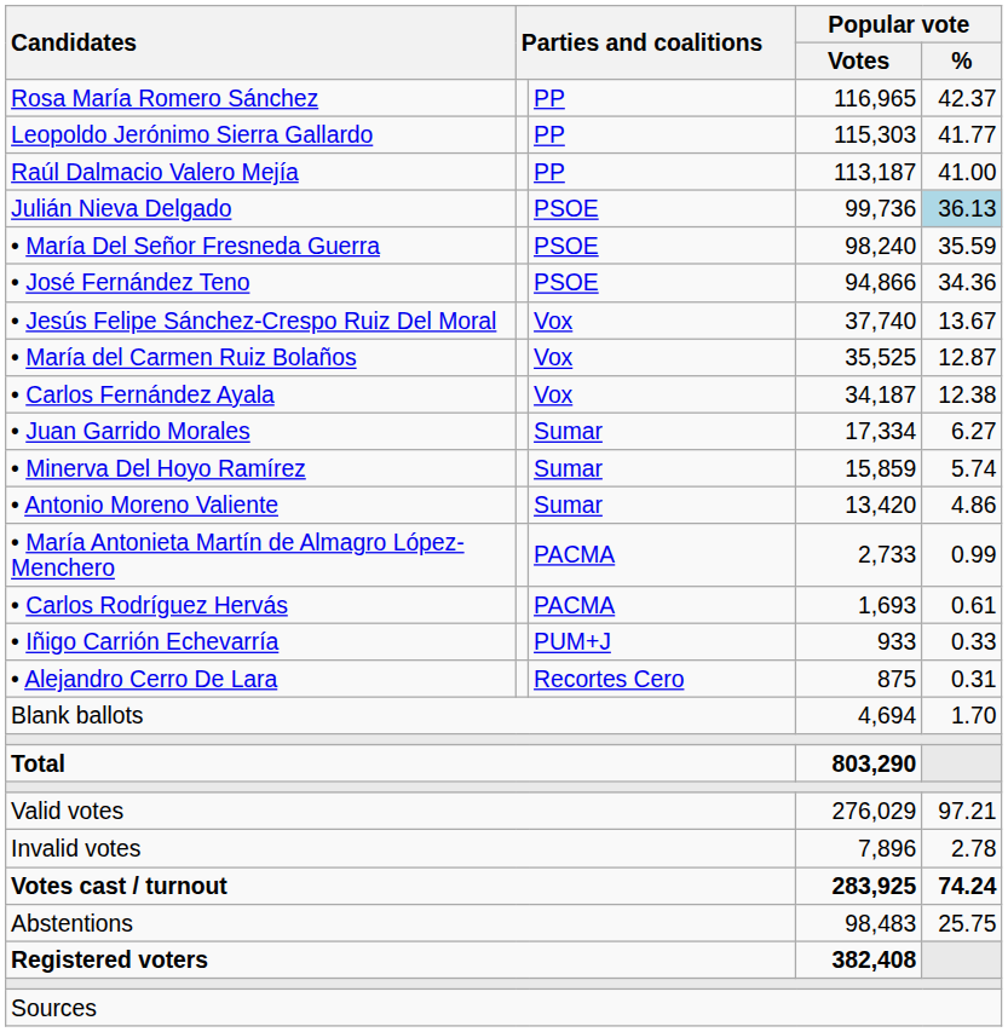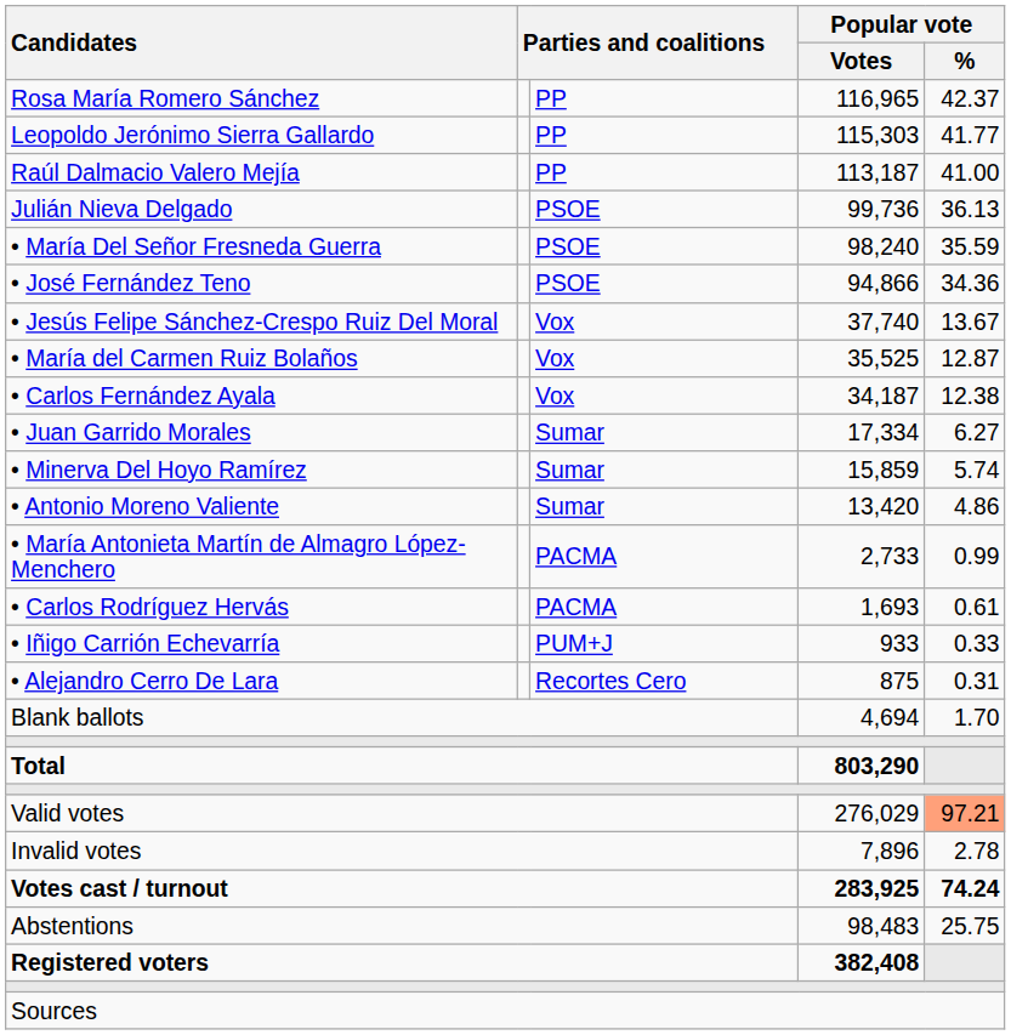 <table class="wikitable" style="text-align:right; font-size:95%;">
 <tr>
 <th style="text-align:left;" rowspan="2" width="325">Candidates</th>
 <th style="text-align:left;" rowspan="2" colspan="2" width="175">Parties and coalitions</th>
 <th colspan="2">Popular vote</th>
 </tr>
 <tr>
 <th width="75">Votes</th>
 <th width="45">%</th>
 </tr>
 <tr>
 <td align="left"> <a href='#'>Rosa María Romero Sánchez</a></td>
 <td width="1" style="color:inherit;background:"></td>
 <td align="left"><a href='#'>PP</a></td>
 <td>116,965</td>
 <td>42.37</td>
 </tr>
 <tr>
 <td align="left"> <a href='#'>Leopoldo Jerónimo Sierra Gallardo</a></td>
 <td width="1" style="color:inherit;background:"></td>
 <td align="left"><a href='#'>PP</a></td>
 <td>115,303</td>
 <td>41.77</td>
 </tr>
 <tr>
 <td align="left"> <a href='#'>Raúl Dalmacio Valero Mejía</a></td>
 <td width="1" style="color:inherit;background:"></td>
 <td align="left"><a href='#'>PP</a></td>
 <td>113,187</td>
 <td>41.00</td>
 </tr>
 <tr>
 <td align="left"> <a href='#'>Julián Nieva Delgado</a></td>
 <td width="1" style="color:inherit;background:"></td>
 <td align="left"><a href='#'>PSOE</a></td>
 <td>99,736</td>
-<td style="background: lightblue;">36.13</td>
+<td>36.13</td>
 </tr>
 <tr>
 <td align="left">• <a href='#'>María Del Señor Fresneda Guerra</a></td>
 <td width="1" style="color:inherit;background:"></td>
 <td align="left"><a href='#'>PSOE</a></td>
 <td>98,240</td>
 <td>35.59</td>
 </tr>
 <tr>
 <td align="left">• <a href='#'>José Fernández Teno</a></td>
 <td width="1" style="color:inherit;background:"></td>
 <td align="left"><a href='#'>PSOE</a></td>
 <td>94,866</td>
 <td>34.36</td>
 </tr>
 <tr>
 <td align="left">• <a href='#'>Jesús Felipe Sánchez-Crespo Ruiz Del Moral</a></td>
 <td width="1" style="color:inherit;background:"></td>
 <td align="left"><a href='#'>Vox</a></td>
 <td>37,740</td>
 <td>13.67</td>
 </tr>
 <tr>
 <td align="left">• <a href='#'>María del Carmen Ruiz Bolaños</a></td>
 <td width="1" style="color:inherit;background:"></td>
 <td align="left"><a href='#'>Vox</a></td>
 <td>35,525</td>
 <td>12.87</td>
 </tr>
 <tr>
 <td align="left">• <a href='#'>Carlos Fernández Ayala</a></td>
 <td width="1" style="color:inherit;background:"></td>
 <td align="left"><a href='#'>Vox</a></td>
 <td>34,187</td>
 <td>12.38</td>
 </tr>
 <tr>
 <td align="left">• <a href='#'>Juan Garrido Morales</a></td>
 <td width="1" style="color:inherit;background:"></td>
 <td align="left"><a href='#'>Sumar</a></td>
 <td>17,334</td>
 <td>6.27</td>
 </tr>
 <tr>
 <td align="left">• <a href='#'>Minerva Del Hoyo Ramírez</a></td>
 <td width="1" style="color:inherit;background:"></td>
 <td align="left"><a href='#'>Sumar</a></td>
 <td>15,859</td>
 <td>5.74</td>
 </tr>
 <tr>
 <td align="left">• <a href='#'>Antonio Moreno Valiente</a></td>
 <td width="1" style="color:inherit;background:"></td>
 <td align="left"><a href='#'>Sumar</a></td>
 <td>13,420</td>
 <td>4.86</td>
 </tr>
 <tr>
 <td align="left">• <a href='#'>María Antonieta Martín de Almagro López-Menchero</a></td>
 <td width="1" style="color:inherit;background:"></td>
 <td align="left"><a href='#'>PACMA</a></td>
 <td>2,733</td>
 <td>0.99</td>
 </tr>
 <tr>
 <td align="left">• <a href='#'>Carlos Rodríguez Hervás</a></td>
 <td width="1" style="color:inherit;background:"></td>
 <td align="left"><a href='#'>PACMA</a></td>
 <td>1,693</td>
 <td>0.61</td>
 </tr>
 <tr>
 <td align="left">• <a href='#'>Iñigo Carrión Echevarría</a></td>
 <td width="1" style="color:inherit;background:"></td>
 <td align="left"><a href='#'>PUM+J</a></td>
 <td>933</td>
 <td>0.33</td>
 </tr>
 <tr>
 <td align="left">• <a href='#'>Alejandro Cerro De Lara</a></td>
 <td width="1" style="color:inherit;background:"></td>
 <td align="left"><a href='#'>Recortes Cero</a></td>
 <td>875</td>
 <td>0.31</td>
 </tr>
 <tr>
 <td align="left" colspan="3">Blank ballots</td>
 <td>4,694</td>
 <td>1.70</td>
 </tr>
 <tr>
 <td colspan="5" bgcolor="#E9E9E9"></td>
 </tr>
 <tr style="font-weight:bold;">
 <td align="left" colspan="3">Total</td>
 <td>803,290</td>
 <td bgcolor="#E9E9E9"></td>
 </tr>
 <tr>
 <td colspan="5" bgcolor="#E9E9E9"></td>
 </tr>
 <tr>
 <td align="left" colspan="3">Valid votes</td>
 <td>276,029</td>
-<td>97.21</td>
+<td style="background: lightsalmon;">97.21</td>
 </tr>
 <tr>
 <td align="left" colspan="3">Invalid votes</td>
 <td>7,896</td>
 <td>2.78</td>
 </tr>
 <tr style="font-weight:bold;">
 <td align="left" colspan="3">Votes cast / turnout</td>
 <td>283,925</td>
 <td>74.24</td>
 </tr>
 <tr>
 <td align="left" colspan="3">Abstentions</td>
 <td>98,483</td>
 <td>25.75</td>
 </tr>
 <tr style="font-weight:bold;">
 <td align="left" colspan="3">Registered voters</td>
 <td>382,408</td>
 <td bgcolor="#E9E9E9"></td>
 </tr>
 <tr>
 <td colspan="5" bgcolor="#E9E9E9"></td>
 </tr>
 <tr>
 <td align="left" colspan="5">Sources</td>
 </tr>
 </table>
